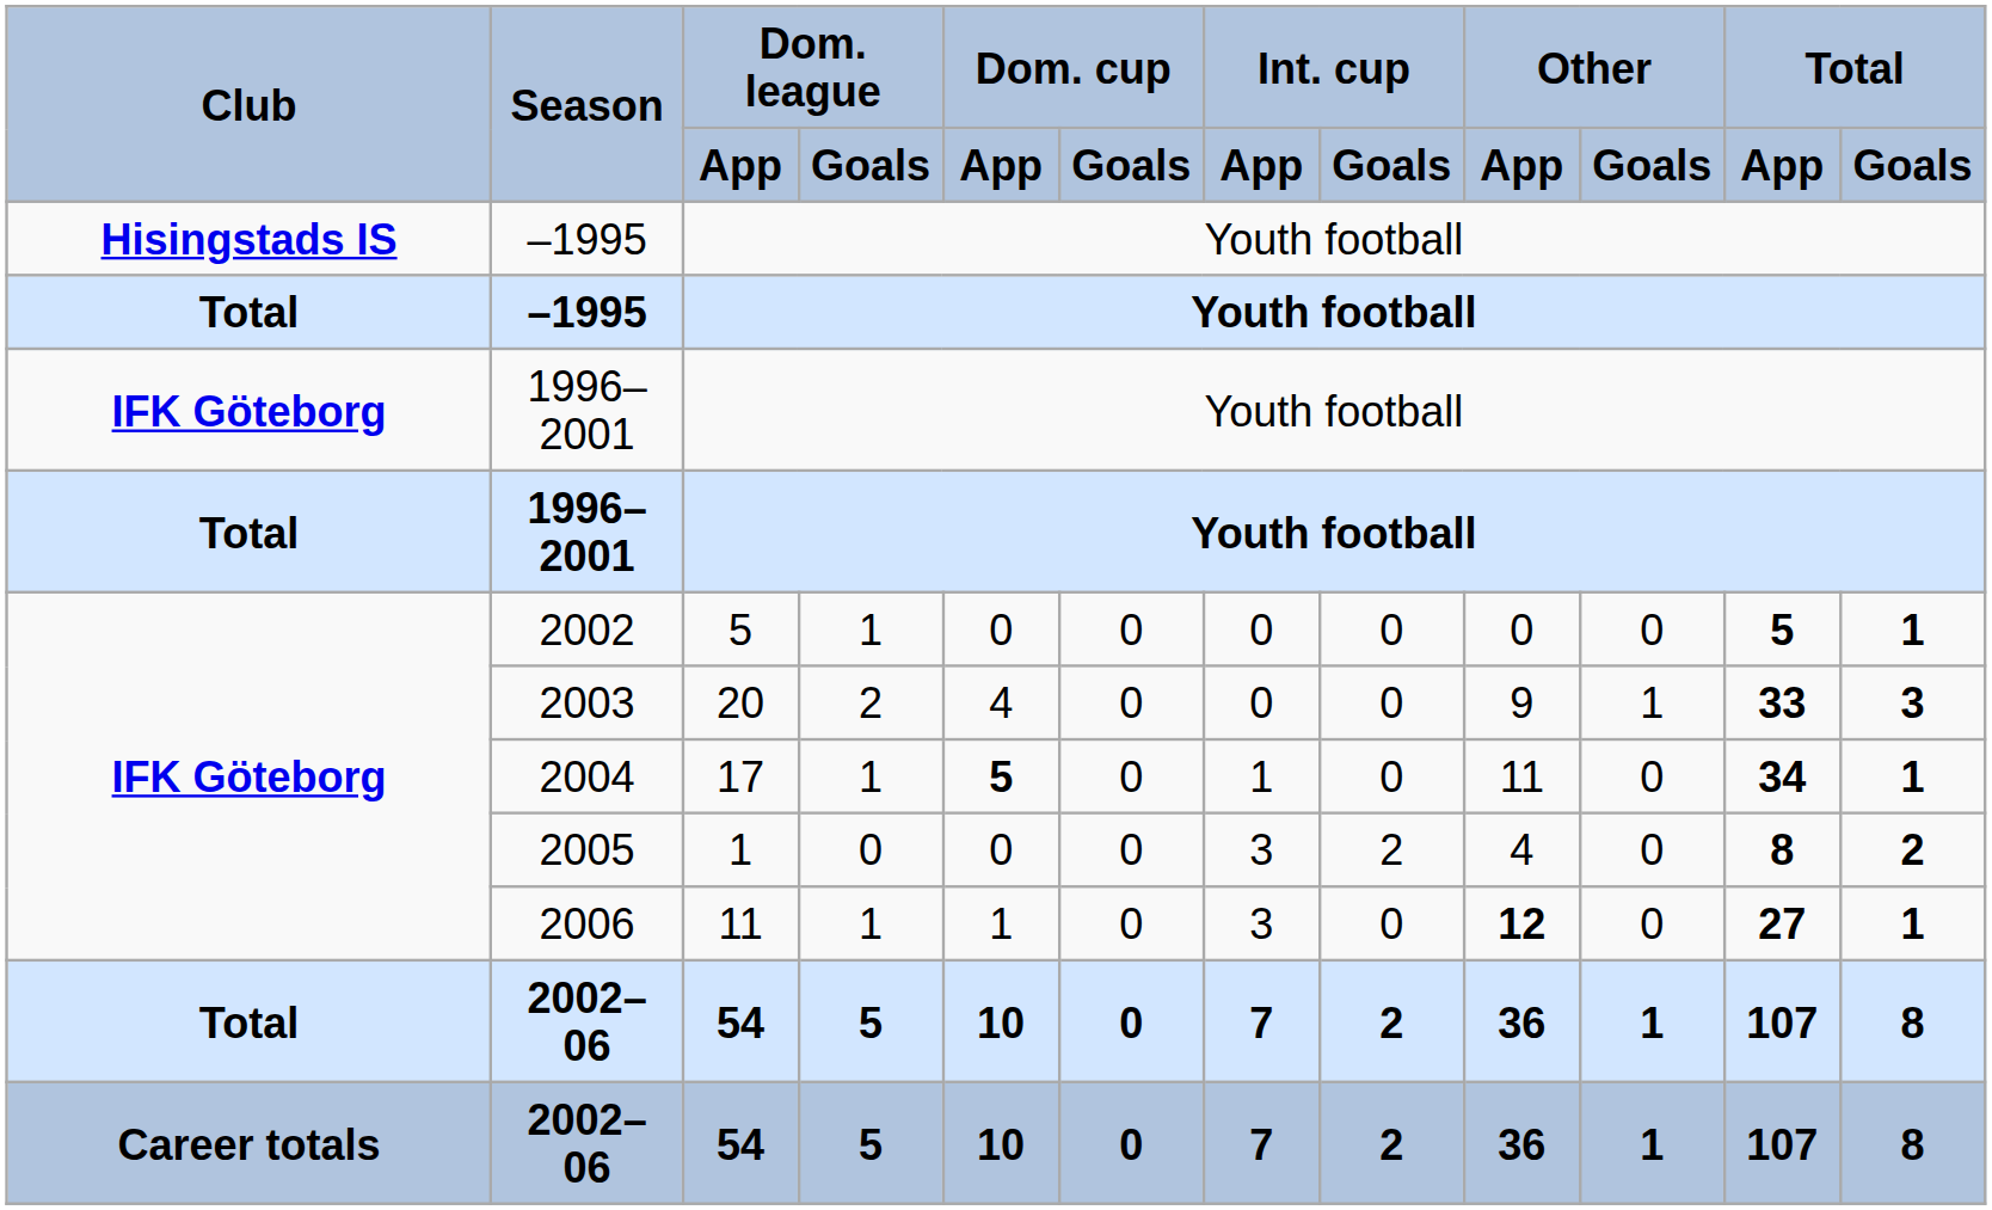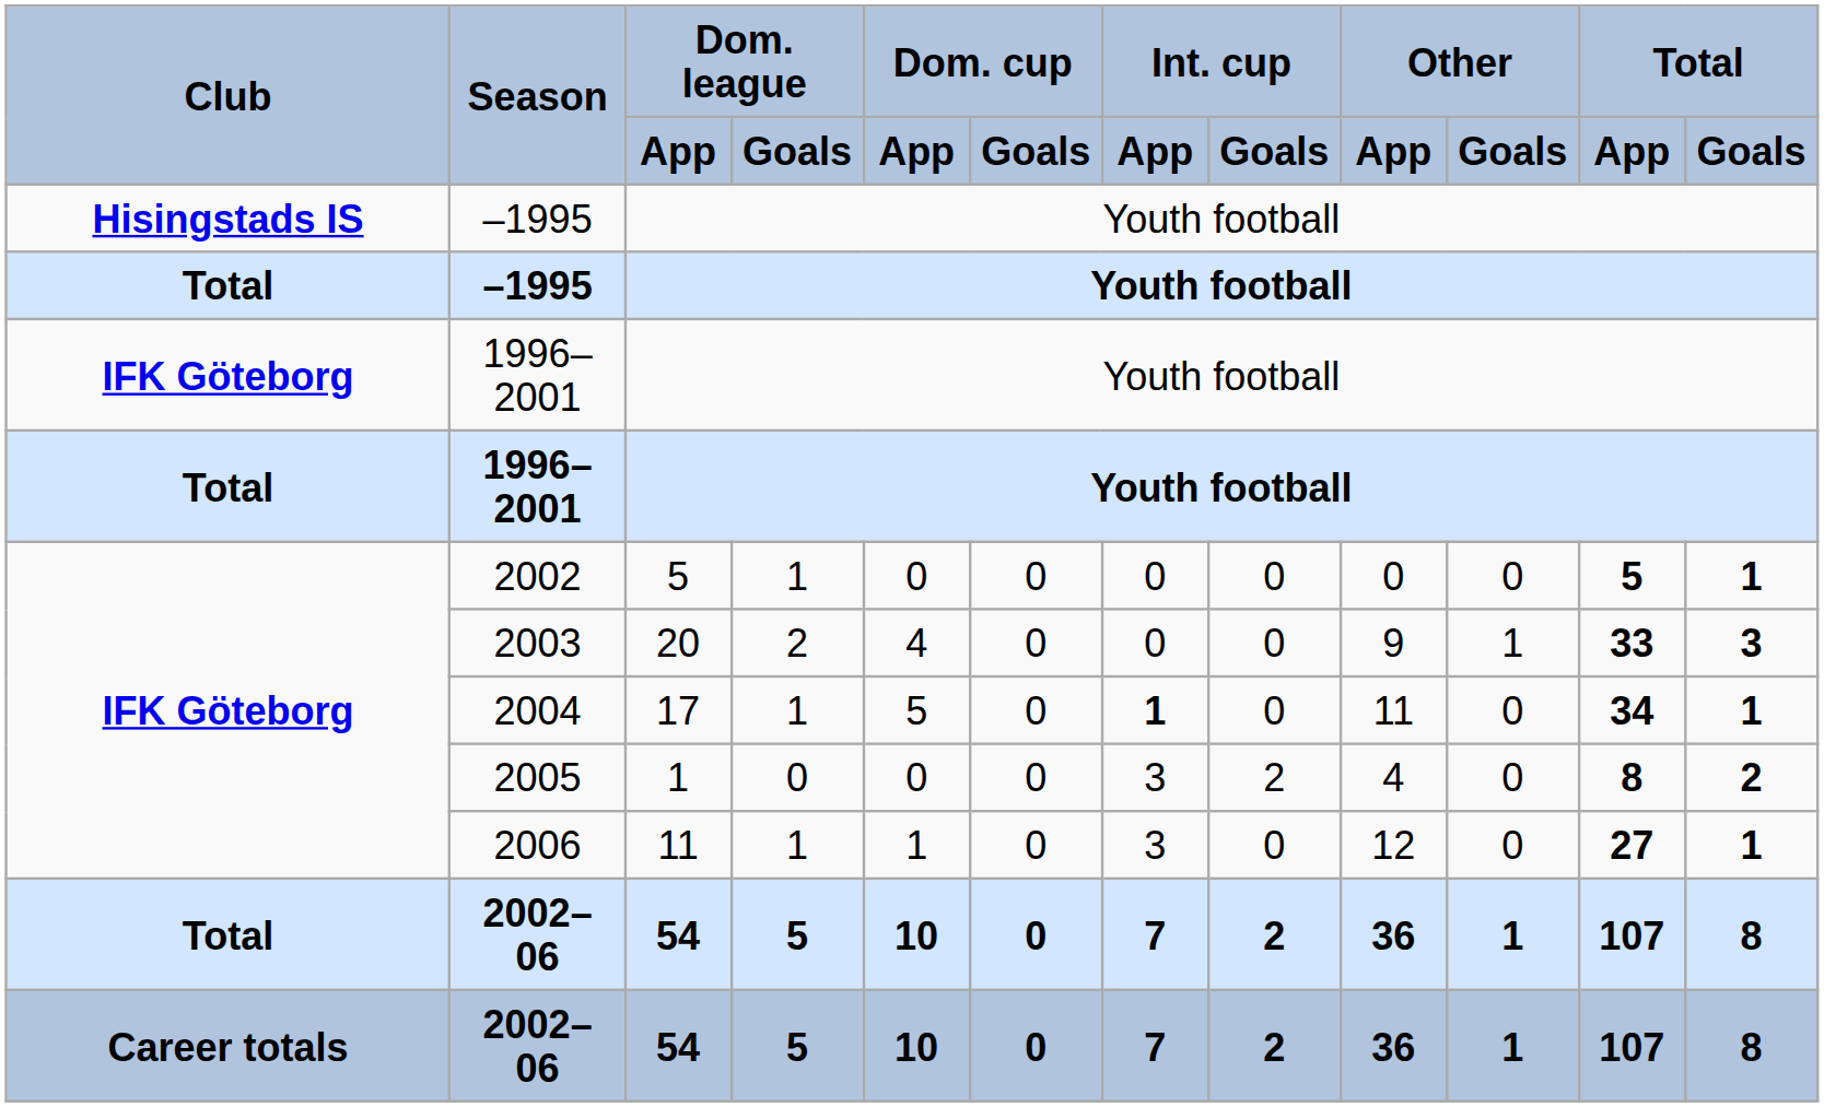 <table border=1 align=center cellpadding=4 cellspacing=2 width="700px" style="background: #f9f9f9; font-size: 95%; border: 1px #aaaaaa solid; border-collapse: collapse; clear:center">
 <tr style="background:#b0c4de">
 <th rowspan="2" width="30%">Club</th>
 <th rowspan="2" width="10%">Season</th>
 <th colspan="2">Dom. league</th>
 <th colspan="2">Dom. cup</th>
 <th colspan="2">Int. cup</th>
 <th colspan="2">Other</th>
 <th colspan="2">Total</th>
 </tr>
 <tr style="background: #b0c4de">
 <th width="6%">App</th>
 <th width="6%">Goals</th>
 <th width="6%">App</th>
 <th width="6%">Goals</th>
 <th width="6%">App</th>
 <th width="6%">Goals</th>
 <th width="6%">App</th>
 <th width="6%">Goals</th>
 <th width="6%">App</th>
 <th width="6%">Goals</th>
 </tr>
 <tr align=center>
 <td rowspan="1" align=center valign=center><strong><a href='#'>Hisingstads IS</a></strong></td>
 <td>–1995</td>
 <td colspan="10">Youth football</td>
 </tr>
 <tr style="background: #d2e6ff">
 <th>Total</th>
 <th>–1995</th>
 <th colspan="10">Youth football</th>
 </tr>
 <tr align=center>
 <td rowspan="1" align=center valign=center><strong><a href='#'>IFK Göteborg</a></strong></td>
 <td>1996–2001</td>
 <td colspan="10">Youth football</td>
 </tr>
 <tr style="background: #d2e6ff">
 <th>Total</th>
 <th>1996–2001</th>
 <th colspan="10">Youth football</th>
 </tr>
 <tr align=center>
 <td rowspan="5" align=center valign=center><strong><a href='#'>IFK Göteborg</a></strong></td>
 <td>2002</td>
 <td>5</td>
 <td>1</td>
 <td>0</td>
 <td>0</td>
 <td>0</td>
 <td>0</td>
 <td>0</td>
 <td>0</td>
 <td><strong>5</strong></td>
 <td><strong>1</strong></td>
 </tr>
 <tr align=center>
 <td>2003</td>
 <td>20</td>
 <td>2</td>
 <td>4</td>
 <td>0</td>
 <td>0</td>
 <td>0</td>
 <td>9</td>
 <td>1</td>
 <td><strong>33</strong></td>
 <td><strong>3</strong></td>
 </tr>
 <tr align=center>
 <td>2004</td>
 <td>17</td>
 <td>1</td>
-<td><strong>5</strong></td>
+<td>5</td>
 <td>0</td>
-<td>1</td>
+<td><strong>1</strong></td>
 <td>0</td>
 <td>11</td>
 <td>0</td>
 <td><strong>34</strong></td>
 <td><strong>1</strong></td>
 </tr>
 <tr align=center>
 <td>2005</td>
 <td>1</td>
 <td>0</td>
 <td>0</td>
 <td>0</td>
 <td>3</td>
 <td>2</td>
 <td>4</td>
 <td>0</td>
 <td><strong>8</strong></td>
 <td><strong>2</strong></td>
 </tr>
 <tr align=center>
 <td>2006</td>
 <td>11</td>
 <td>1</td>
 <td>1</td>
 <td>0</td>
 <td>3</td>
 <td>0</td>
-<td><strong>12</strong></td>
+<td>12</td>
 <td>0</td>
 <td><strong>27</strong></td>
 <td><strong>1</strong></td>
 </tr>
 <tr style="background: #d2e6ff">
 <th>Total</th>
 <th>2002–06</th>
 <th>54</th>
 <th>5</th>
 <th>10</th>
 <th>0</th>
 <th>7</th>
 <th>2</th>
 <th>36</th>
 <th>1</th>
 <th>107</th>
 <th>8</th>
 </tr>
 <tr style="background: #b0c4de">
 <th>Career totals</th>
 <th>2002–06</th>
 <th>54</th>
 <th>5</th>
 <th>10</th>
 <th>0</th>
 <th>7</th>
 <th>2</th>
 <th>36</th>
 <th>1</th>
 <th>107</th>
 <th>8</th>
 </tr>
 </table>
